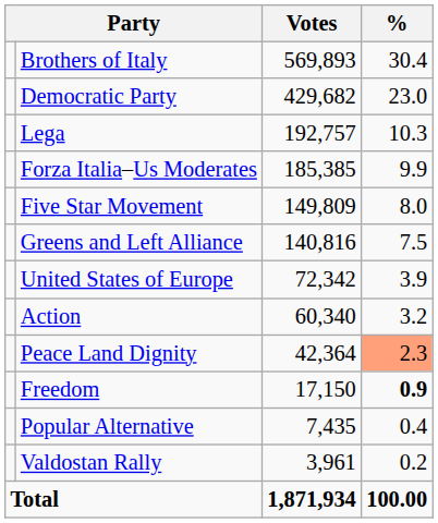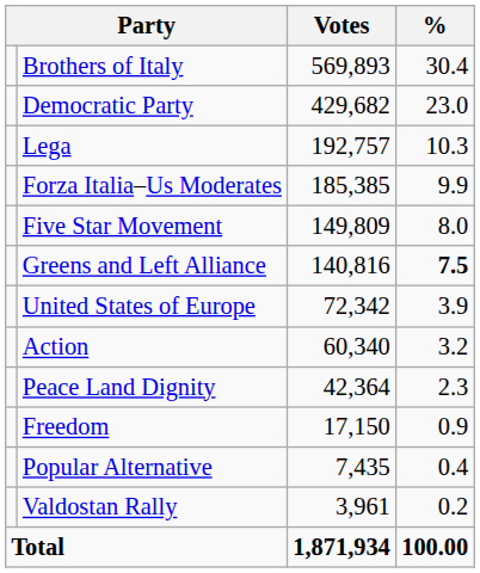 <table class="wikitable" style="font-size:95%">
 <tr>
 <th colspan=2>Party</th>
 <th>Votes</th>
 <th>%</th>
 </tr>
 <tr>
 <td></td>
 <td><a href='#'>Brothers of Italy</a></td>
 <td align=right>569,893</td>
 <td align=right>30.4</td>
 </tr>
 <tr>
 <td></td>
 <td><a href='#'>Democratic Party</a></td>
 <td align=right>429,682</td>
 <td align=right>23.0</td>
 </tr>
 <tr>
 <td></td>
 <td><a href='#'>Lega</a></td>
 <td align=right>192,757</td>
 <td align=right>10.3</td>
 </tr>
 <tr>
 <td></td>
 <td><a href='#'>Forza Italia</a>–<a href='#'>Us Moderates</a></td>
 <td align=right>185,385</td>
 <td align=right>9.9</td>
 </tr>
 <tr>
 <td></td>
 <td><a href='#'>Five Star Movement</a></td>
 <td align=right>149,809</td>
 <td align=right>8.0</td>
 </tr>
 <tr>
 <td></td>
 <td><a href='#'>Greens and Left Alliance</a></td>
 <td align=right>140,816</td>
-<td align=right>7.5</td>
+<td align=right><strong>7.5</strong></td>
 </tr>
 <tr>
 <td></td>
 <td><a href='#'>United States of Europe</a></td>
 <td align=right>72,342</td>
 <td align=right>3.9</td>
 </tr>
 <tr>
 <td></td>
 <td><a href='#'>Action</a></td>
 <td align=right>60,340</td>
 <td align=right>3.2</td>
 </tr>
 <tr>
 <td></td>
 <td><a href='#'>Peace Land Dignity</a></td>
 <td align=right>42,364</td>
-<td align=right style="background: lightsalmon;">2.3</td>
+<td align=right>2.3</td>
 </tr>
 <tr>
 <td></td>
 <td><a href='#'>Freedom</a></td>
 <td align=right>17,150</td>
-<td align=right><strong>0.9</strong></td>
+<td align=right>0.9</td>
 </tr>
 <tr>
 <td></td>
 <td><a href='#'>Popular Alternative</a></td>
 <td align=right>7,435</td>
 <td align=right>0.4</td>
 </tr>
 <tr>
 <td></td>
 <td><a href='#'>Valdostan Rally</a></td>
 <td align=right>3,961</td>
 <td align=right>0.2</td>
 </tr>
 <tr>
 <td colspan=2><strong>Total</strong></td>
 <td align=right><strong>1,871,934</strong></td>
 <td align=right><strong>100.00</strong></td>
 </tr>
 </table>
